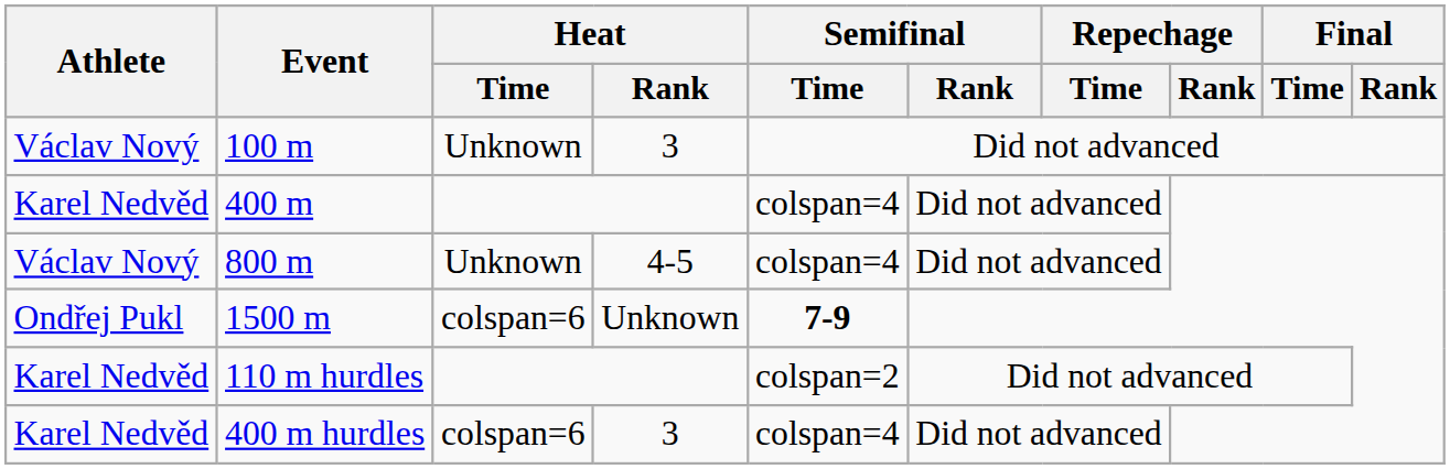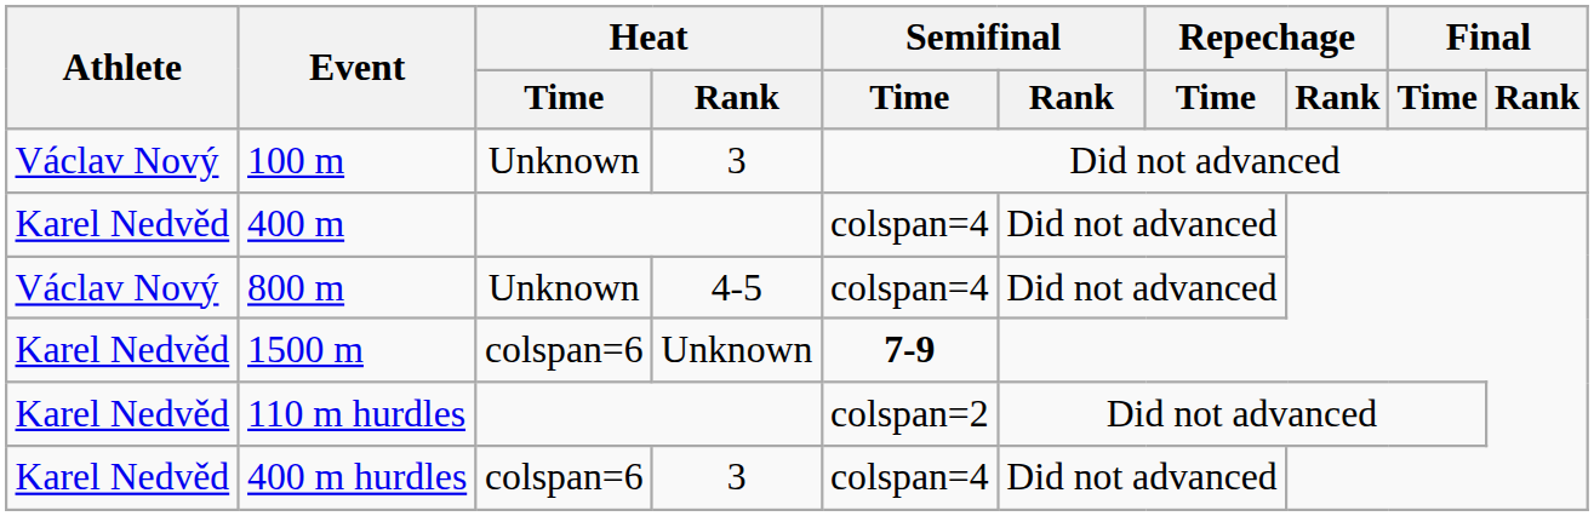 <table class=wikitable style=font-size:90%;text-align:center>
 <tr>
 <th rowspan=2>Athlete</th>
 <th rowspan=2>Event</th>
 <th colspan=2>Heat</th>
 <th colspan=2>Semifinal</th>
 <th colspan=2>Repechage</th>
 <th colspan=2>Final</th>
 </tr>
 <tr style=font-size:95%>
 <th>Time</th>
 <th>Rank</th>
 <th>Time</th>
 <th>Rank</th>
 <th>Time</th>
 <th>Rank</th>
 <th>Time</th>
 <th>Rank</th>
 </tr>
 <tr>
 <td align=left><a href='#'>Václav Nový</a></td>
 <td align=left><a href='#'>100 m</a></td>
 <td>Unknown</td>
 <td>3</td>
 <td colspan=6>Did not advanced</td>
 </tr>
 <tr>
 <td align=left><a href='#'>Karel Nedvěd</a></td>
 <td align=left><a href='#'>400 m</a></td>
 <td colspan=2></td>
 <td>colspan=4 </td>
 <td colspan=2>Did not advanced</td>
 </tr>
 <tr>
 <td align=left><a href='#'>Václav Nový</a></td>
 <td align=left><a href='#'>800 m</a></td>
 <td>Unknown</td>
 <td>4-5</td>
 <td>colspan=4 </td>
 <td colspan=2>Did not advanced</td>
 </tr>
 <tr>
-<td align=left><a href='#'>Ondřej Pukl</a></td>
+<td align=left><a href='#'>Karel Nedvěd</a></td>
 <td align=left><a href='#'>1500 m</a></td>
 <td>colspan=6 </td>
 <td>Unknown</td>
 <td><strong>7-9</strong></td>
 </tr>
 <tr>
 <td align=left><a href='#'>Karel Nedvěd</a></td>
 <td align=left><a href='#'>110 m hurdles</a></td>
 <td colspan=2></td>
 <td>colspan=2 </td>
 <td colspan=4>Did not advanced</td>
 </tr>
 <tr>
 <td align=left><a href='#'>Karel Nedvěd</a></td>
 <td align=left><a href='#'>400 m hurdles</a></td>
 <td>colspan=6 </td>
 <td>3</td>
 <td>colspan=4 </td>
 <td colspan=2>Did not advanced</td>
 </tr>
 </table>
